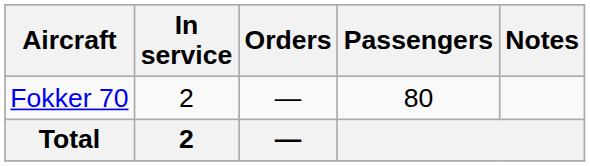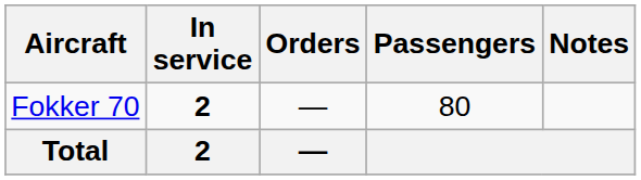 <table class="wikitable" style="margin:0.5em auto;text-align:center">
 <tr>
 <th>Aircraft</th>
 <th>In <br> service</th>
 <th>Orders</th>
 <th>Passengers</th>
 <th>Notes</th>
 </tr>
 <tr>
 <td><a href='#'>Fokker 70</a></td>
-<td>2</td>
+<td><strong>2</strong></td>
 <td>—</td>
 <td>80</td>
 <td></td>
 </tr>
 <tr>
 <th>Total</th>
 <th>2</th>
 <th>—</th>
 <th colspan=2></th>
 </tr>
 </table>
